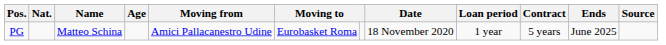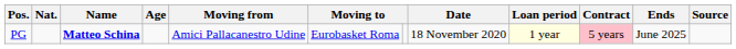 <table class="wikitable sortable">
 <tr>
 <th>Pos.</th>
 <th>Nat.</th>
 <th>Name</th>
 <th>Age</th>
 <th>Moving from</th>
 <th colspan=2>Moving to</th>
 <th>Date</th>
 <th>Loan period</th>
 <th>Contract</th>
 <th>Ends</th>
 <th>Source</th>
 </tr>
 <tr>
 <td style="text-align: center;"><a href='#'>PG</a></td>
 <td style="text-align: center;"></td>
-<td><a href='#'>Matteo Schina</a></td>
+<td><strong><a href='#'>Matteo Schina</a></strong></td>
 <td style="text-align: center;"></td>
 <td><a href='#'>Amici Pallacanestro Udine</a></td>
 <td><a href='#'>Eurobasket Roma</a></td>
 <td style="text-align: center;"></td>
 <td style="text-align: center;">18 November 2020</td>
-<td style="text-align: center;">1 year</td>
-<td style="text-align: center;">5 years</td>
+<td style="background: lightyellow; text-align: center;">1 year</td>
+<td style="background: pink; text-align: center;">5 years</td>
 <td style="text-align: center;">June 2025</td>
 <td style="text-align: center;"></td>
 </tr>
 </table>
